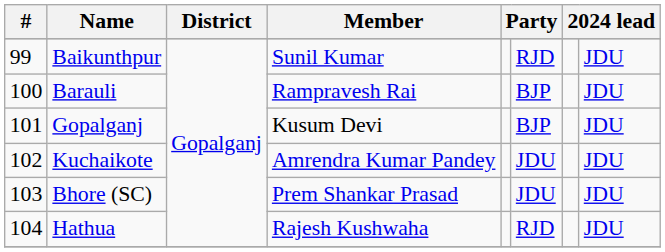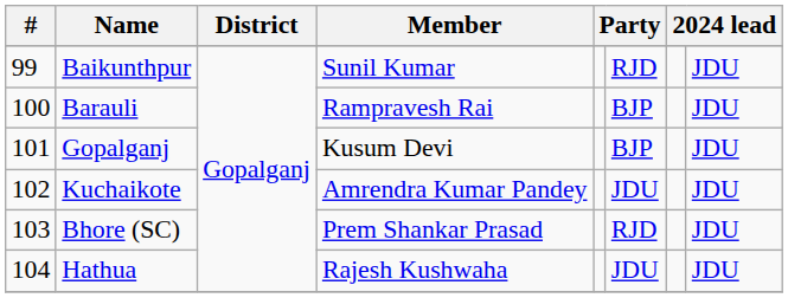 <table class="wikitable">
 <tr>
 <th>#</th>
 <th>Name</th>
 <th>District</th>
 <th>Member</th>
 <th colspan="2">Party</th>
 <th colspan="2">2024 lead</th>
 </tr>
 <tr>
 </tr>
 <tr>
 <td>99</td>
 <td><a href='#'>Baikunthpur</a></td>
 <td rowspan="6"><a href='#'>Gopalganj</a></td>
 <td><a href='#'>Sunil Kumar</a></td>
 <td style="background-color: "></td>
 <td><a href='#'>RJD</a></td>
 <td style="background-color: "></td>
 <td><a href='#'>JDU</a></td>
 </tr>
 <tr>
 <td>100</td>
 <td><a href='#'>Barauli</a></td>
 <td><a href='#'>Rampravesh Rai</a></td>
 <td style="background-color: "></td>
 <td><a href='#'>BJP</a></td>
 <td style="background-color: "></td>
 <td><a href='#'>JDU</a></td>
 </tr>
 <tr>
 <td>101</td>
 <td><a href='#'>Gopalganj</a></td>
 <td>Kusum Devi</td>
 <td style="background-color: "></td>
 <td><a href='#'>BJP</a></td>
 <td style="background-color: "></td>
 <td><a href='#'>JDU</a></td>
 </tr>
 <tr>
 <td>102</td>
 <td><a href='#'>Kuchaikote</a></td>
 <td><a href='#'>Amrendra Kumar Pandey</a></td>
 <td style="background-color: "></td>
 <td><a href='#'>JDU</a></td>
 <td style="background-color: "></td>
 <td><a href='#'>JDU</a></td>
 </tr>
 <tr>
 <td>103</td>
 <td><a href='#'>Bhore</a> (SC)</td>
 <td><a href='#'>Prem Shankar Prasad</a></td>
 <td style="background-color: "></td>
-<td><a href='#'>JDU</a></td>
+<td><a href='#'>RJD</a></td>
 <td style="background-color: "></td>
 <td><a href='#'>JDU</a></td>
 </tr>
 <tr>
 <td>104</td>
 <td><a href='#'>Hathua</a></td>
 <td><a href='#'>Rajesh Kushwaha</a></td>
 <td style="background-color: "></td>
-<td><a href='#'>RJD</a></td>
+<td><a href='#'>JDU</a></td>
 <td style="background-color: "></td>
 <td><a href='#'>JDU</a></td>
 </tr>
 <tr>
 </tr>
 </table>
